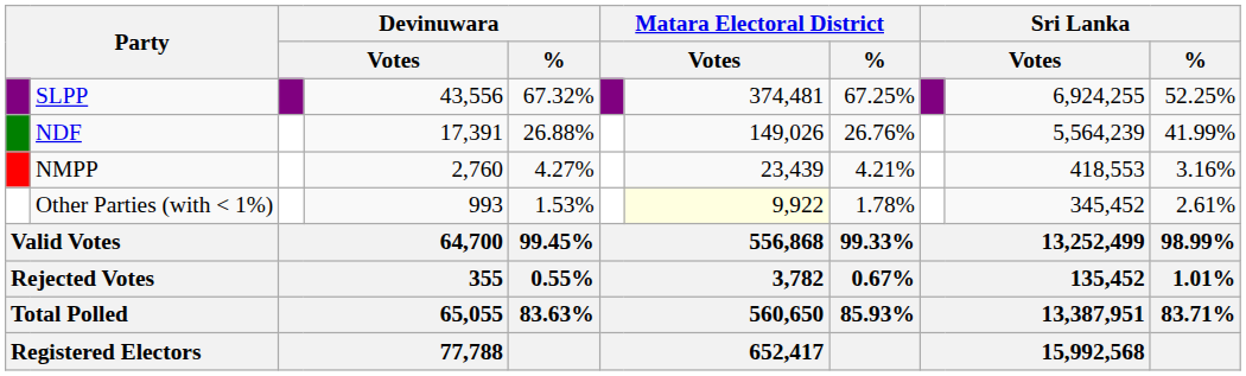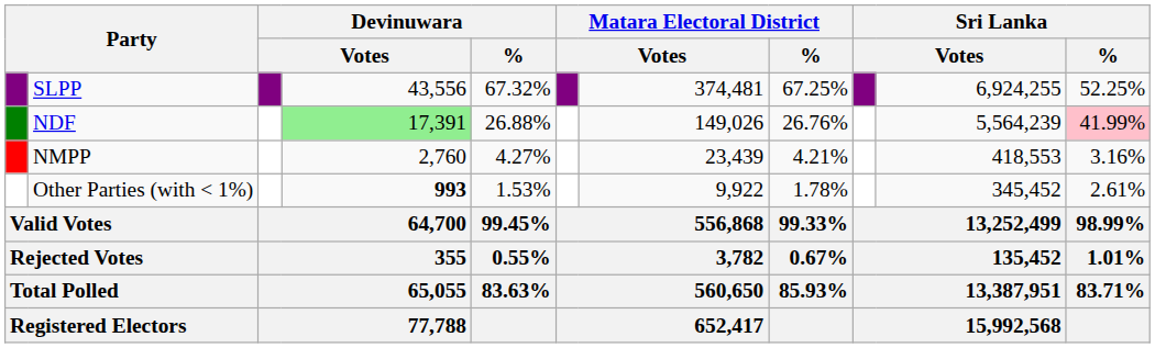 <table class="wikitable">
 <tr>
 <th colspan="2" width="144px"rowspan="2">Party</th>
 <th colspan="3" width="216px">Devinuwara</th>
 <th colspan="3" width="216px"><a href='#'>Matara Electoral District</a></th>
 <th colspan="3" width="216px">Sri Lanka</th>
 </tr>
 <tr>
 <th colspan="2" width="144px">Votes</th>
 <th>%</th>
 <th colspan="2" width="144px">Votes</th>
 <th>%</th>
 <th colspan="2" width="144px">Votes</th>
 <th>%</th>
 </tr>
 <tr>
 <td style="background-color:purple;" width="10px"></td>
 <td style="text-align:left;"><a href='#'>SLPP</a></td>
 <td style="background-color:purple;" width="10px"></td>
 <td style="text-align:right;">43,556</td>
 <td style="text-align:right;">67.32%</td>
 <td style="background-color:purple;" width="10px"></td>
 <td style="text-align:right;">374,481</td>
 <td style="text-align:right;">67.25%</td>
 <td style="background-color:purple;" width="10px"></td>
 <td style="text-align:right;">6,924,255</td>
 <td style="text-align:right;">52.25%</td>
 </tr>
 <tr>
 <td style="background-color:green;" width="10px"></td>
 <td style="text-align:left;"><a href='#'>NDF</a></td>
 <td style="background-color:white;" width="10px"></td>
-<td style="text-align:right;">17,391</td>
+<td style="background: lightgreen; text-align:right;">17,391</td>
 <td style="text-align:right;">26.88%</td>
 <td style="background-color:white;" width="10px"></td>
 <td style="text-align:right;">149,026</td>
 <td style="text-align:right;">26.76%</td>
 <td style="background-color:white;" width="10px"></td>
 <td style="text-align:right;">5,564,239</td>
-<td style="text-align:right;">41.99%</td>
+<td style="background: pink; text-align:right;">41.99%</td>
 </tr>
 <tr>
 <td style="background-color:red;" width="10px"></td>
 <td style="text-align:left;">NMPP</td>
 <td style="background-color:white;" width="10px"></td>
 <td style="text-align:right;">2,760</td>
 <td style="text-align:right;">4.27%</td>
 <td style="background-color:white;" width="10px"></td>
 <td style="text-align:right;">23,439</td>
 <td style="text-align:right;">4.21%</td>
 <td style="background-color:white;" width="10px"></td>
 <td style="text-align:right;">418,553</td>
 <td style="text-align:right;">3.16%</td>
 </tr>
 <tr>
 <td style="background-color:white;" width="10px"></td>
 <td style="text-align:left;">Other Parties (with < 1%)</td>
 <td style="background-color:white;" width="10px"></td>
-<td style="text-align:right;">993</td>
+<td style="text-align:right;"><strong>993</strong></td>
 <td style="text-align:right;">1.53%</td>
 <td style="background-color:white;" width="10px"></td>
-<td style="background: lightyellow; text-align:right;">9,922</td>
+<td style="text-align:right;">9,922</td>
 <td style="text-align:right;">1.78%</td>
 <td style="background-color:white;" width="10px"></td>
 <td style="text-align:right;">345,452</td>
 <td style="text-align:right;">2.61%</td>
 </tr>
 <tr>
 <th colspan="2" width="144px"style="text-align:left;">Valid Votes</th>
 <th style="text-align:right;"colspan="2" width="144px">64,700</th>
 <th style="text-align:right;">99.45%</th>
 <th style="text-align:right;"colspan="2" width="144px">556,868</th>
 <th style="text-align:right;">99.33%</th>
 <th style="text-align:right;"colspan="2" width="144px">13,252,499</th>
 <th style="text-align:right;">98.99%</th>
 </tr>
 <tr>
 <th colspan="2" width="144px"style="text-align:left;">Rejected Votes</th>
 <th style="text-align:right;"colspan="2" width="144px">355</th>
 <th style="text-align:right;">0.55%</th>
 <th style="text-align:right;"colspan="2" width="144px">3,782</th>
 <th style="text-align:right;">0.67%</th>
 <th style="text-align:right;"colspan="2" width="144px">135,452</th>
 <th style="text-align:right;">1.01%</th>
 </tr>
 <tr>
 <th colspan="2" width="144px"style="text-align:left;">Total Polled</th>
 <th style="text-align:right;"colspan="2" width="144px">65,055</th>
 <th style="text-align:right;">83.63%</th>
 <th style="text-align:right;"colspan="2" width="144px">560,650</th>
 <th style="text-align:right;">85.93%</th>
 <th style="text-align:right;"colspan="2" width="144px">13,387,951</th>
 <th style="text-align:right;">83.71%</th>
 </tr>
 <tr>
 <th colspan="2" width="144px"style="text-align:left;">Registered Electors</th>
 <th style="text-align:right;"colspan="2" width="144px">77,788</th>
 <th></th>
 <th style="text-align:right;"colspan="2" width="144px">652,417</th>
 <th></th>
 <th style="text-align:right;"colspan="2" width="144px">15,992,568</th>
 <th></th>
 </tr>
 </table>
